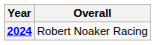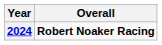 <table class="wikitable">
 <tr>
 <th>Year</th>
 <th>Overall</th>
 </tr>
 <tr>
 <th><a href='#'>2024</a></th>
-<td> Robert Noaker Racing</td>
+<td><strong> Robert Noaker Racing</strong></td>
 </tr>
 </table>
